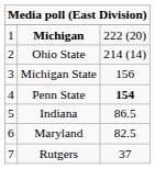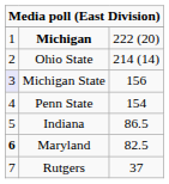 <table class="wikitable" style="display: inline-table;">
 <tr>
 <td align="center" Colspan="3"><strong>Media poll (East Division)</strong></td>
 </tr>
 <tr align="center">
 </tr>
 <tr align="center">
 <td>1</td>
 <td><strong>Michigan</strong></td>
 <td>222 (20)</td>
 </tr>
 <tr align="center">
 <td>2</td>
 <td>Ohio State</td>
 <td>214 (14)</td>
 </tr>
 <tr align="center">
-<td>3</td>
+<td style="background: lavender;">3</td>
 <td>Michigan State</td>
 <td>156</td>
 </tr>
 <tr align="center">
 <td>4</td>
 <td>Penn State</td>
-<td><strong>154</strong></td>
+<td>154</td>
 </tr>
 <tr align="center">
 <td>5</td>
 <td>Indiana</td>
 <td>86.5</td>
 </tr>
 <tr align="center">
-<td>6</td>
+<td><strong>6</strong></td>
 <td>Maryland</td>
 <td>82.5</td>
 </tr>
 <tr align="center">
 <td>7</td>
 <td>Rutgers</td>
 <td>37</td>
 </tr>
 </table>
